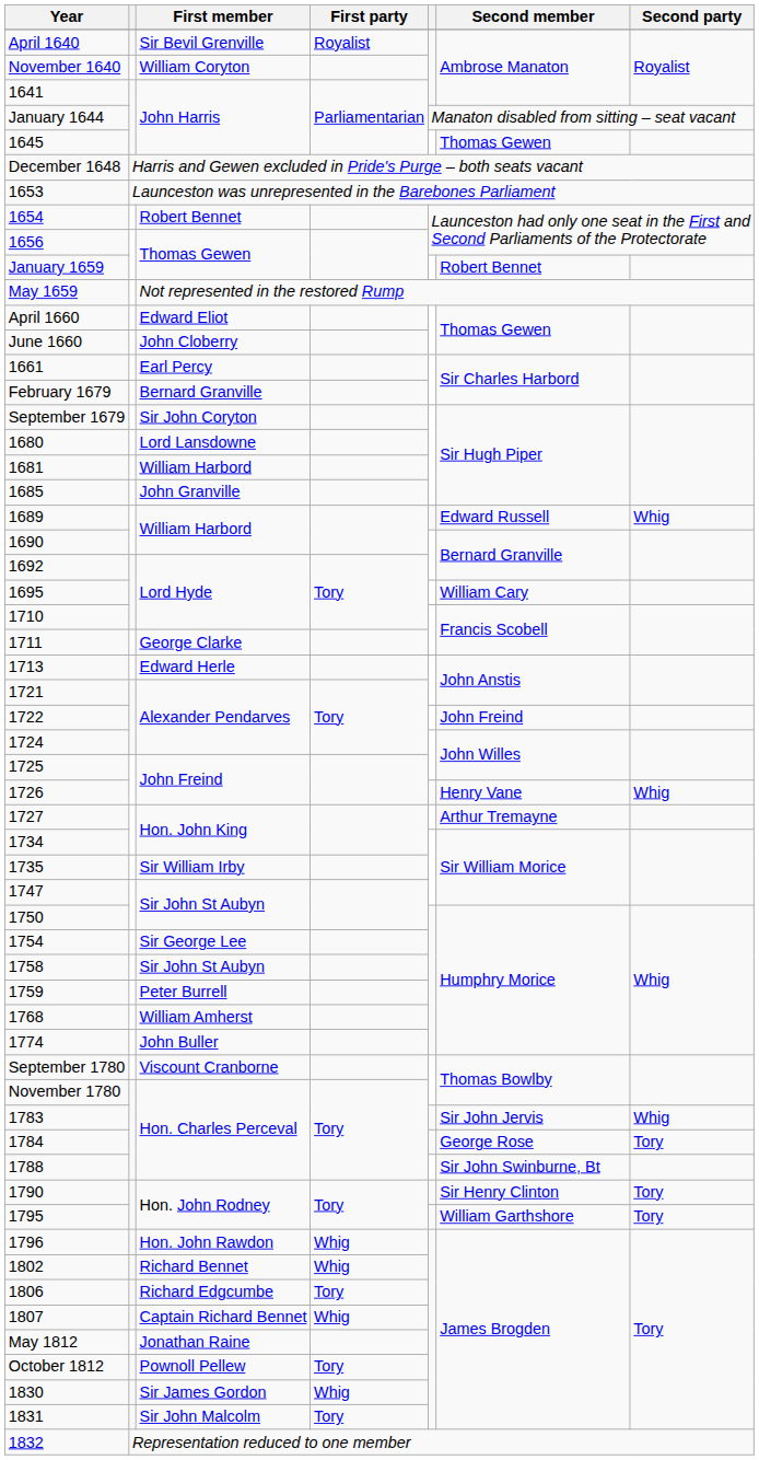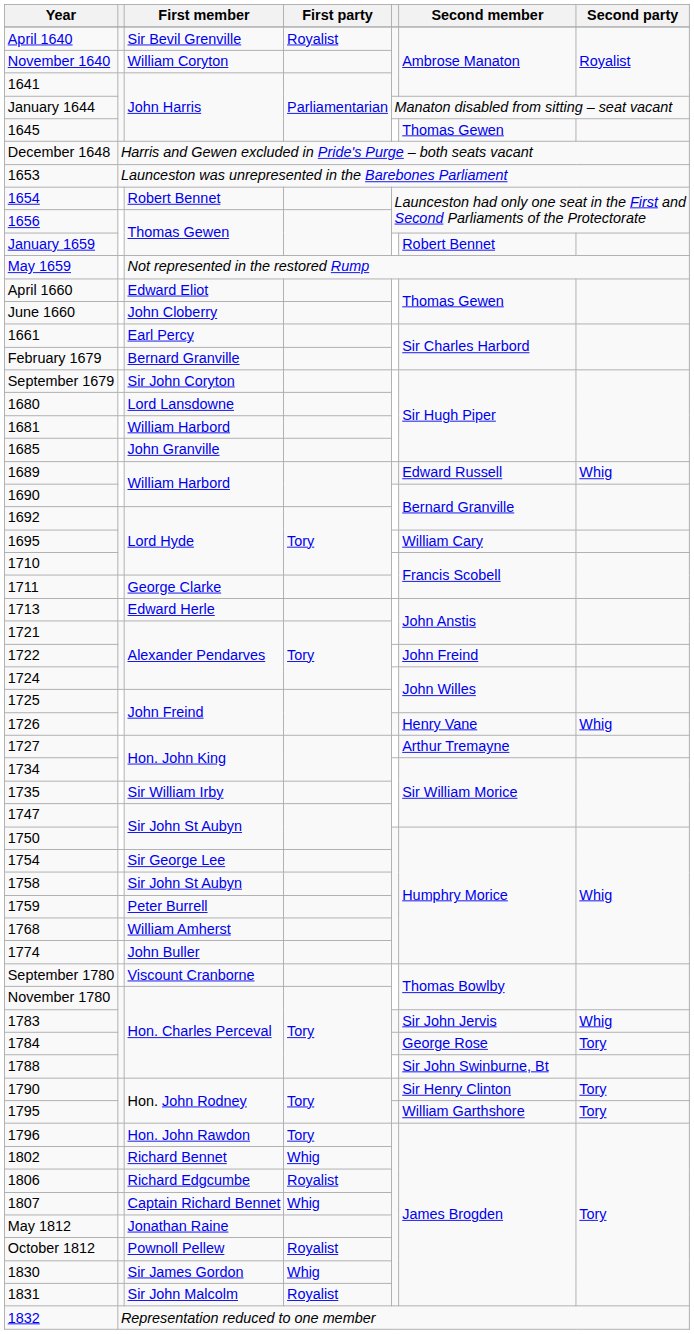 <table class="wikitable">
 <tr>
 <th>Year</th>
 <th></th>
 <th>First member</th>
 <th>First party</th>
 <th></th>
 <th>Second member</th>
 <th>Second party</th>
 </tr>
 <tr>
 </tr>
 <tr>
 <td><a href='#'>April 1640</a></td>
 <td style="color:inherit;background-color: "></td>
 <td><a href='#'>Sir Bevil Grenville</a></td>
 <td><a href='#'>Royalist</a></td>
 <td rowspan="3" style="color:inherit;background-color: "></td>
 <td rowspan="3"><a href='#'>Ambrose Manaton</a></td>
 <td rowspan="3"><a href='#'>Royalist</a></td>
 </tr>
 <tr>
 <td><a href='#'>November 1640</a></td>
 <td style="color:inherit;background-color: white"></td>
 <td><a href='#'>William Coryton</a></td>
 <td></td>
 </tr>
 <tr>
 <td>1641</td>
 <td rowspan="3" style="color:inherit;background-color: "></td>
 <td rowspan="3"><a href='#'>John Harris</a></td>
 <td rowspan="3"><a href='#'>Parliamentarian</a></td>
 </tr>
 <tr>
 <td>January 1644</td>
 <td colspan="3"><em>Manaton disabled from sitting – seat vacant</em></td>
 </tr>
 <tr>
 <td>1645</td>
 <td style="color:inherit;background-color: white"></td>
 <td><a href='#'>Thomas Gewen</a></td>
 <td></td>
 </tr>
 <tr>
 <td>December 1648</td>
 <td colspan="6"><em>Harris and Gewen excluded in <a href='#'>Pride's Purge</a> – both seats vacant</em></td>
 </tr>
 <tr>
 <td>1653</td>
 <td colspan="6"><em>Launceston was unrepresented in the <a href='#'>Barebones Parliament</a></em></td>
 </tr>
 <tr>
 <td><a href='#'>1654</a></td>
 <td style="color:inherit;background-color: white"></td>
 <td><a href='#'>Robert Bennet</a></td>
 <td></td>
 <td rowspan="2" colspan="3"><em>Launceston had only one seat in the <a href='#'>First</a> and <br><a href='#'>Second</a> Parliaments of the Protectorate</em></td>
 </tr>
 <tr>
 <td><a href='#'>1656</a></td>
 <td rowspan="2" style="color:inherit;background-color: white"></td>
 <td rowspan="2"><a href='#'>Thomas Gewen</a></td>
 <td rowspan="2"></td>
 </tr>
 <tr>
 <td><a href='#'>January 1659</a></td>
 <td style="color:inherit;background-color: white"></td>
 <td><a href='#'>Robert Bennet</a></td>
 <td></td>
 </tr>
 <tr>
 <td><a href='#'>May 1659</a></td>
 <td style="color:inherit;background-color: white"></td>
 <td colspan="6"><em>Not represented in the restored <a href='#'>Rump</a></em></td>
 </tr>
 <tr>
 <td>April 1660</td>
 <td style="color:inherit;background-color: white"></td>
 <td><a href='#'>Edward Eliot</a></td>
 <td></td>
 <td rowspan="2" style="color:inherit;background-color: white"></td>
 <td rowspan="2"><a href='#'>Thomas Gewen</a></td>
 <td rowspan="2"></td>
 </tr>
 <tr>
 <td>June 1660</td>
 <td style="color:inherit;background-color: white"></td>
 <td><a href='#'>John Cloberry</a></td>
 <td></td>
 </tr>
 <tr>
 <td>1661</td>
 <td style="color:inherit;background-color: white"></td>
 <td><a href='#'>Earl Percy</a></td>
 <td></td>
 <td rowspan="2" style="color:inherit;background-color: white"></td>
 <td rowspan="2"><a href='#'>Sir Charles Harbord</a></td>
 <td rowspan="2"></td>
 </tr>
 <tr>
 <td>February 1679</td>
 <td style="color:inherit;background-color: white"></td>
 <td><a href='#'>Bernard Granville</a></td>
 <td></td>
 </tr>
 <tr>
 <td>September 1679</td>
 <td style="color:inherit;background-color: white"></td>
 <td><a href='#'>Sir John Coryton</a></td>
 <td></td>
 <td rowspan="4" style="color:inherit;background-color: white"></td>
 <td rowspan="4"><a href='#'>Sir Hugh Piper</a></td>
 <td rowspan="4"></td>
 </tr>
 <tr>
 <td>1680</td>
 <td style="color:inherit;background-color: white"></td>
 <td><a href='#'>Lord Lansdowne</a></td>
 <td></td>
 </tr>
 <tr>
 <td>1681</td>
 <td style="color:inherit;background-color: white"></td>
 <td><a href='#'>William Harbord</a></td>
 <td></td>
 </tr>
 <tr>
 <td>1685</td>
 <td style="color:inherit;background-color: white"></td>
 <td><a href='#'>John Granville</a></td>
 <td></td>
 </tr>
 <tr>
 <td>1689</td>
 <td rowspan="2" style="color:inherit;background-color: white"></td>
 <td rowspan="2"><a href='#'>William Harbord</a></td>
 <td rowspan="2"></td>
 <td style="color:inherit;background-color: "></td>
 <td><a href='#'>Edward Russell</a></td>
 <td><a href='#'>Whig</a></td>
 </tr>
 <tr>
 <td>1690</td>
 <td rowspan="2" style="color:inherit;background-color: white"></td>
 <td rowspan="2"><a href='#'>Bernard Granville</a></td>
 <td rowspan="2"></td>
 </tr>
 <tr>
 <td>1692</td>
 <td rowspan="3" style="color:inherit;background-color: "></td>
 <td rowspan="3"><a href='#'>Lord Hyde</a></td>
 <td rowspan="3"><a href='#'>Tory</a></td>
 </tr>
 <tr>
 <td>1695</td>
 <td style="color:inherit;background-color: white"></td>
 <td><a href='#'>William Cary</a></td>
 <td></td>
 </tr>
 <tr>
 <td>1710</td>
 <td rowspan="2" style="color:inherit;background-color: white"></td>
 <td rowspan="2"><a href='#'>Francis Scobell</a></td>
 <td rowspan="2"></td>
 </tr>
 <tr>
 <td>1711</td>
 <td style="color:inherit;background-color: white"></td>
 <td><a href='#'>George Clarke</a></td>
 <td></td>
 </tr>
 <tr>
 <td>1713</td>
 <td style="color:inherit;background-color: white"></td>
 <td><a href='#'>Edward Herle</a></td>
 <td></td>
 <td rowspan="2" style="color:inherit;background-color: white"></td>
 <td rowspan="2"><a href='#'>John Anstis</a></td>
 <td rowspan="2"></td>
 </tr>
 <tr>
 <td>1721</td>
 <td rowspan="3" style="color:inherit;background-color: "></td>
 <td rowspan="3"><a href='#'>Alexander Pendarves</a></td>
 <td rowspan="3"><a href='#'>Tory</a></td>
 </tr>
 <tr>
 <td>1722</td>
 <td style="color:inherit;background-color: white"></td>
 <td><a href='#'>John Freind</a></td>
 <td></td>
 </tr>
 <tr>
 <td>1724</td>
 <td rowspan="2" style="color:inherit;background-color: white"></td>
 <td rowspan="2"><a href='#'>John Willes</a></td>
 <td rowspan="2"></td>
 </tr>
 <tr>
 <td>1725</td>
 <td rowspan="2" style="color:inherit;background-color: white"></td>
 <td rowspan="2"><a href='#'>John Freind</a></td>
 <td rowspan="2"></td>
 </tr>
 <tr>
 <td>1726</td>
 <td style="color:inherit;background-color: "></td>
 <td><a href='#'>Henry Vane</a></td>
 <td><a href='#'>Whig</a></td>
 </tr>
 <tr>
 <td>1727</td>
 <td rowspan="2" style="color:inherit;background-color: white"></td>
 <td rowspan="2"><a href='#'>Hon. John King</a></td>
 <td rowspan="2"></td>
 <td style="color:inherit;background-color: white"></td>
 <td><a href='#'>Arthur Tremayne</a></td>
 <td></td>
 </tr>
 <tr>
 <td>1734</td>
 <td rowspan="3" style="color:inherit;background-color: white"></td>
 <td rowspan="3"><a href='#'>Sir William Morice</a></td>
 <td rowspan="3"></td>
 </tr>
 <tr>
 <td>1735</td>
 <td style="color:inherit;background-color: white"></td>
 <td><a href='#'>Sir William Irby</a></td>
 <td></td>
 </tr>
 <tr>
 <td>1747</td>
 <td rowspan="2" style="color:inherit;background-color: white"></td>
 <td rowspan="2"><a href='#'>Sir John St Aubyn</a></td>
 <td rowspan="2"></td>
 </tr>
 <tr>
 <td>1750</td>
 <td rowspan="6" style="color:inherit;background-color: "></td>
 <td rowspan="6"><a href='#'>Humphry Morice</a></td>
 <td rowspan="6"><a href='#'>Whig</a></td>
 </tr>
 <tr>
 <td>1754</td>
 <td style="color:inherit;background-color: white"></td>
 <td><a href='#'>Sir George Lee</a></td>
 <td></td>
 </tr>
 <tr>
 <td>1758</td>
 <td style="color:inherit;background-color: white"></td>
 <td><a href='#'>Sir John St Aubyn</a></td>
 <td></td>
 </tr>
 <tr>
 <td>1759</td>
 <td style="color:inherit;background-color: white"></td>
 <td><a href='#'>Peter Burrell</a></td>
 <td></td>
 </tr>
 <tr>
 <td>1768</td>
 <td style="color:inherit;background-color: white"></td>
 <td><a href='#'>William Amherst</a></td>
 <td></td>
 </tr>
 <tr>
 <td>1774</td>
 <td style="color:inherit;background-color: white"></td>
 <td><a href='#'>John Buller</a></td>
 <td></td>
 </tr>
 <tr>
 <td>September 1780</td>
 <td style="color:inherit;background-color: white"></td>
 <td><a href='#'>Viscount Cranborne</a></td>
 <td></td>
 <td rowspan="2" style="color:inherit;background-color: white"></td>
 <td rowspan="2"><a href='#'>Thomas Bowlby</a></td>
 <td rowspan="2"></td>
 </tr>
 <tr>
 <td>November 1780</td>
 <td rowspan="4" style="color:inherit;background-color: "></td>
 <td rowspan="4"><a href='#'>Hon. Charles Perceval</a></td>
 <td rowspan="4"><a href='#'>Tory</a></td>
 </tr>
 <tr>
 <td>1783</td>
 <td style="color:inherit;background-color: "></td>
 <td><a href='#'>Sir John Jervis</a></td>
 <td><a href='#'>Whig</a></td>
 </tr>
 <tr>
 <td>1784</td>
 <td style="color:inherit;background-color: "></td>
 <td><a href='#'>George Rose</a></td>
 <td><a href='#'>Tory</a></td>
 </tr>
 <tr>
 <td>1788</td>
 <td style="color:inherit;background-color: white"></td>
 <td><a href='#'>Sir John Swinburne, Bt</a></td>
 <td></td>
 </tr>
 <tr>
 <td>1790</td>
 <td rowspan="2" style="color:inherit;background-color: "></td>
 <td rowspan="2">Hon. <a href='#'>John Rodney</a></td>
 <td rowspan="2"><a href='#'>Tory</a></td>
 <td style="color:inherit;background-color: "></td>
 <td><a href='#'>Sir Henry Clinton</a></td>
 <td><a href='#'>Tory</a></td>
 </tr>
 <tr>
 <td>1795</td>
 <td style="color:inherit;background-color: "></td>
 <td><a href='#'>William Garthshore</a></td>
 <td><a href='#'>Tory</a></td>
 </tr>
 <tr>
 <td>1796</td>
 <td style="color:inherit;background-color: "></td>
 <td><a href='#'>Hon. John Rawdon</a></td>
-<td><a href='#'>Whig</a></td>
+<td><a href='#'>Tory</a></td>
 <td rowspan="8" style="color:inherit;background-color: "></td>
 <td rowspan="8"><a href='#'>James Brogden</a></td>
 <td rowspan="8"><a href='#'>Tory</a></td>
 </tr>
 <tr>
 <td>1802</td>
 <td style="color:inherit;background-color: "></td>
 <td><a href='#'>Richard Bennet</a></td>
 <td><a href='#'>Whig</a></td>
 </tr>
 <tr>
 <td>1806</td>
 <td style="color:inherit;background-color: "></td>
 <td><a href='#'>Richard Edgcumbe</a></td>
-<td><a href='#'>Tory</a></td>
+<td><a href='#'>Royalist</a></td>
 </tr>
 <tr>
 <td>1807</td>
 <td style="color:inherit;background-color: "></td>
 <td><a href='#'>Captain Richard Bennet</a></td>
 <td><a href='#'>Whig</a></td>
 </tr>
 <tr>
 <td>May 1812</td>
 <td style="color:inherit;background-color: white"></td>
 <td><a href='#'>Jonathan Raine</a></td>
 <td></td>
 </tr>
 <tr>
 <td>October 1812</td>
 <td style="color:inherit;background-color: "></td>
 <td><a href='#'>Pownoll Pellew</a></td>
-<td><a href='#'>Tory</a></td>
+<td><a href='#'>Royalist</a></td>
 </tr>
 <tr>
 <td>1830</td>
 <td style="color:inherit;background-color: "></td>
 <td><a href='#'>Sir James Gordon</a></td>
 <td><a href='#'>Whig</a></td>
 </tr>
 <tr>
 <td>1831</td>
 <td style="color:inherit;background-color: "></td>
 <td><a href='#'>Sir John Malcolm</a></td>
-<td><a href='#'>Tory</a></td>
+<td><a href='#'>Royalist</a></td>
 </tr>
 <tr>
 <td><a href='#'>1832</a></td>
 <td colspan="6"><em>Representation reduced to one member</em></td>
 </tr>
 </table>
